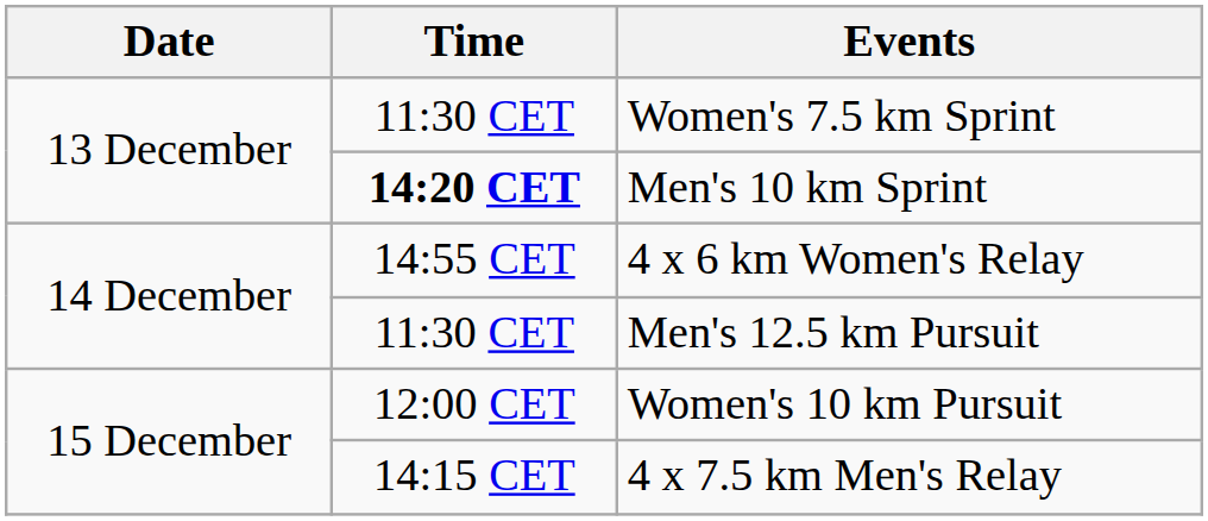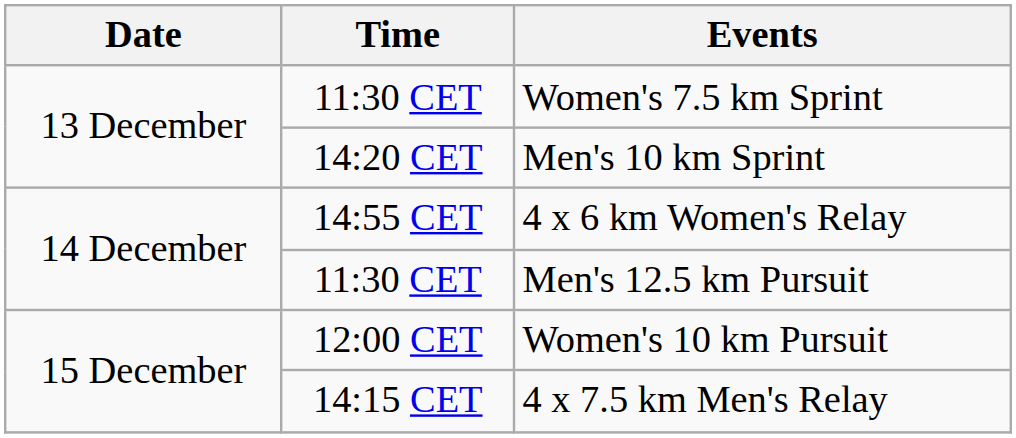 <table class="wikitable" style="text-align: center" width="420">
 <tr>
 <th>Date</th>
 <th>Time</th>
 <th>Events</th>
 </tr>
 <tr>
 <td rowspan=2>13 December</td>
 <td>11:30 <a href='#'>CET</a></td>
 <td style="text-align: left">Women's 7.5 km Sprint</td>
 </tr>
 <tr>
-<td><strong>14:20 <a href='#'>CET</a></strong></td>
+<td>14:20 <a href='#'>CET</a></td>
 <td style="text-align: left">Men's 10 km Sprint</td>
 </tr>
 <tr>
 <td rowspan=2>14 December</td>
 <td>14:55 <a href='#'>CET</a></td>
 <td style="text-align: left">4 x 6 km Women's Relay</td>
 </tr>
 <tr>
 <td>11:30 <a href='#'>CET</a></td>
 <td style="text-align: left">Men's 12.5 km Pursuit</td>
 </tr>
 <tr>
 <td rowspan=2>15 December</td>
 <td>12:00 <a href='#'>CET</a></td>
 <td style="text-align: left">Women's 10 km Pursuit</td>
 </tr>
 <tr>
 <td>14:15 <a href='#'>CET</a></td>
 <td style="text-align: left">4 x 7.5 km Men's Relay</td>
 </tr>
 </table>
